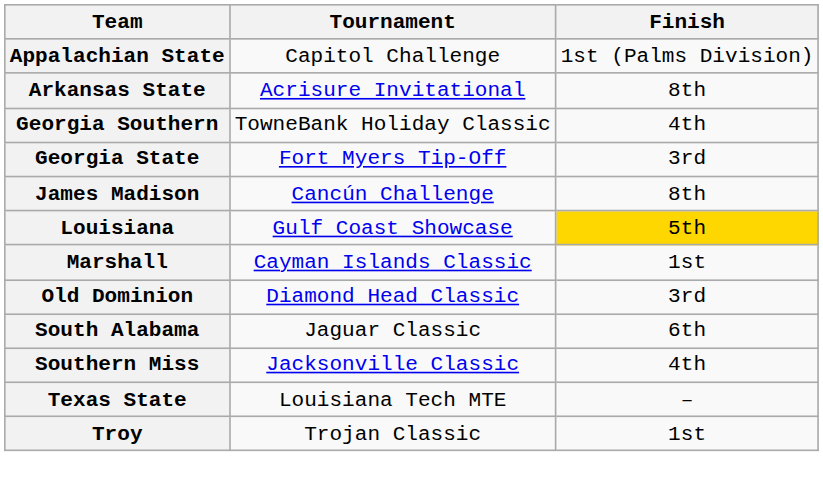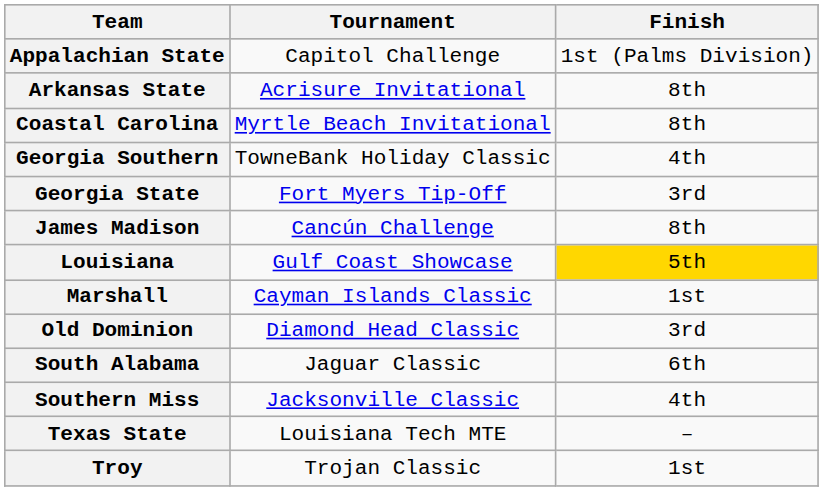 <table class="wikitable">
 <tr>
 <th>Team</th>
 <th>Tournament</th>
 <th>Finish</th>
 </tr>
 <tr style="text-align:center;">
 <th>Appalachian State</th>
 <td>Capitol Challenge</td>
 <td>1st (Palms Division)</td>
 </tr>
 <tr style="text-align:center;">
 <th>Arkansas State</th>
 <td><a href='#'>Acrisure Invitational</a></td>
+<td>8th</td>
+</tr>
+<tr style="text-align:center;">
+<th>Coastal Carolina</th>
+<td><a href='#'>Myrtle Beach Invitational</a></td>
 <td>8th</td>
 </tr>
 <tr style="text-align:center;">
 <th>Georgia Southern</th>
 <td>TowneBank Holiday Classic</td>
 <td>4th</td>
 </tr>
 <tr style="text-align:center;">
 <th>Georgia State</th>
 <td><a href='#'>Fort Myers Tip-Off</a></td>
 <td>3rd</td>
 </tr>
 <tr style="text-align:center;">
 <th>James Madison</th>
 <td><a href='#'>Cancún Challenge</a></td>
 <td>8th</td>
 </tr>
 <tr style="text-align:center;">
 <th>Louisiana</th>
 <td><a href='#'>Gulf Coast Showcase</a></td>
 <td style="background: gold;">5th</td>
 </tr>
 <tr style="text-align:center;">
 <th>Marshall</th>
 <td><a href='#'>Cayman Islands Classic</a></td>
 <td>1st</td>
 </tr>
 <tr style="text-align:center;">
 <th>Old Dominion</th>
 <td><a href='#'>Diamond Head Classic</a></td>
 <td>3rd</td>
 </tr>
 <tr style="text-align:center;">
 <th>South Alabama</th>
 <td>Jaguar Classic</td>
 <td>6th</td>
 </tr>
 <tr style="text-align:center;">
 <th>Southern Miss</th>
 <td><a href='#'>Jacksonville Classic</a></td>
 <td>4th</td>
 </tr>
 <tr style="text-align:center;">
 <th>Texas State</th>
 <td>Louisiana Tech MTE</td>
 <td>–</td>
 </tr>
 <tr style="text-align:center;">
 <th>Troy</th>
 <td>Trojan Classic</td>
 <td>1st</td>
 </tr>
 </table>
